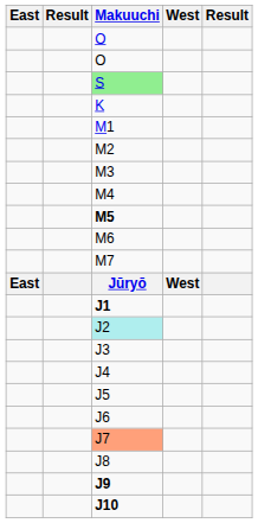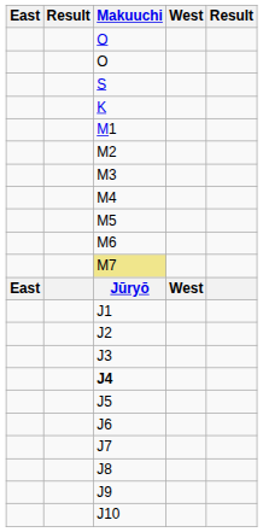 <table class="wikitable defaultcenter" style="margin-left: auto; margin-right: auto; border: none;">
 <tr>
 <th>East</th>
 <th>Result</th>
 <th><a href='#'>Makuuchi</a></th>
 <th>West</th>
 <th>Result</th>
 </tr>
 <tr>
 <td></td>
 <td></td>
 <td><a href='#'>O</a></td>
 <td></td>
 <td></td>
 </tr>
 <tr>
 <td></td>
 <td></td>
 <td>O</td>
 <td></td>
 <td></td>
 </tr>
 <tr>
 <td></td>
 <td></td>
-<td style="background: lightgreen;"><a href='#'>S</a></td>
+<td><a href='#'>S</a></td>
 <td></td>
 <td></td>
 </tr>
 <tr>
 <td></td>
 <td></td>
 <td><a href='#'>K</a></td>
 <td></td>
 <td></td>
 </tr>
 <tr>
 <td></td>
 <td></td>
 <td><a href='#'>M</a>1</td>
 <td></td>
 <td></td>
 </tr>
 <tr>
 <td></td>
 <td></td>
 <td>M2</td>
 <td></td>
 <td></td>
 </tr>
 <tr>
 <td></td>
 <td></td>
 <td>M3</td>
 <td></td>
 <td></td>
 </tr>
 <tr>
 <td></td>
 <td></td>
 <td>M4</td>
 <td></td>
 <td></td>
 </tr>
 <tr>
 <td></td>
 <td></td>
-<td><strong>M5</strong></td>
+<td>M5</td>
 <td></td>
 <td></td>
 </tr>
 <tr>
 <td></td>
 <td></td>
 <td>M6</td>
 <td></td>
 <td></td>
 </tr>
 <tr>
 <td></td>
 <td></td>
-<td>M7</td>
+<td style="background: khaki;">M7</td>
 <td></td>
 <td></td>
 </tr>
 <tr>
 <th>East</th>
 <th></th>
 <th><a href='#'>Jūryō</a></th>
 <th>West</th>
 <th></th>
 </tr>
 <tr>
 <td></td>
 <td></td>
-<td><strong>J1</strong></td>
+<td>J1</td>
 <td></td>
 <td></td>
 </tr>
 <tr>
 <td></td>
 <td></td>
-<td style="background: paleturquoise;">J2</td>
+<td>J2</td>
 <td></td>
 <td></td>
 </tr>
 <tr>
 <td></td>
 <td></td>
 <td>J3</td>
 <td></td>
 <td></td>
 </tr>
 <tr>
 <td></td>
 <td></td>
-<td>J4</td>
+<td><strong>J4</strong></td>
 <td></td>
 <td></td>
 </tr>
 <tr>
 <td></td>
 <td></td>
 <td>J5</td>
 <td></td>
 <td></td>
 </tr>
 <tr>
 <td></td>
 <td></td>
 <td>J6</td>
 <td></td>
 <td></td>
 </tr>
 <tr>
 <td></td>
 <td></td>
-<td style="background: lightsalmon;">J7</td>
+<td>J7</td>
 <td></td>
 <td></td>
 </tr>
 <tr>
 <td></td>
 <td></td>
 <td>J8</td>
 <td></td>
 <td></td>
 </tr>
 <tr>
 <td></td>
 <td></td>
-<td><strong>J9</strong></td>
+<td>J9</td>
 <td></td>
 <td></td>
 </tr>
 <tr>
 <td></td>
 <td></td>
-<td><strong>J10</strong></td>
+<td>J10</td>
 <td></td>
 <td></td>
 </tr>
 <tr>
 </tr>
 </table>
